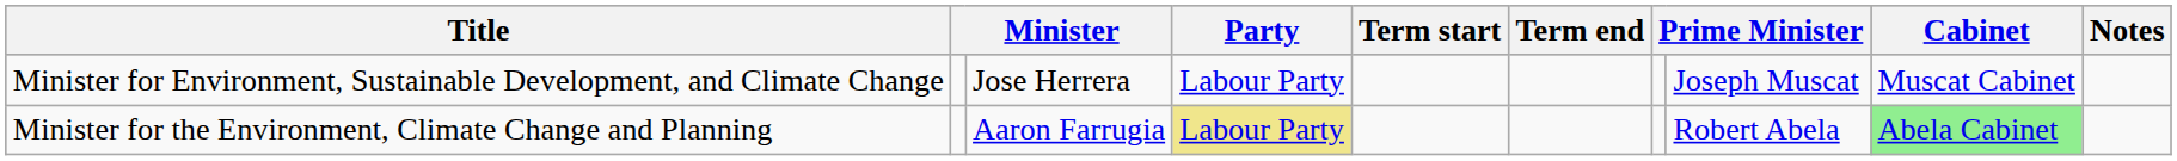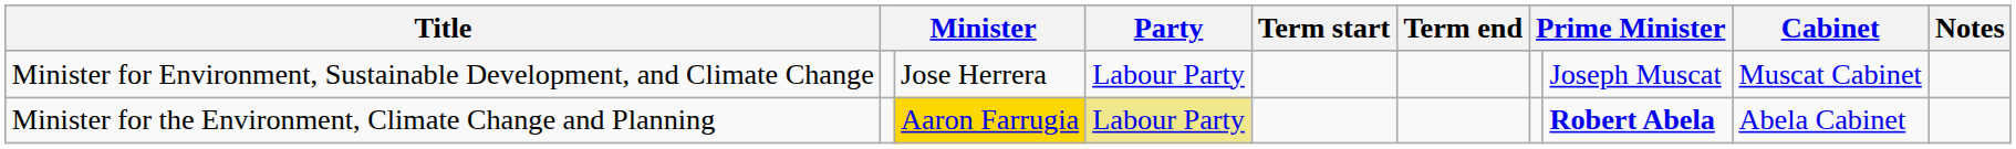 <table class="wikitable sortable">
 <tr>
 <th>Title</th>
 <th colspan=2><a href='#'>Minister</a></th>
 <th><a href='#'>Party</a></th>
 <th>Term start</th>
 <th>Term end</th>
 <th colspan=2><a href='#'>Prime Minister</a></th>
 <th><a href='#'>Cabinet</a></th>
 <th class="unsortable">Notes</th>
 </tr>
 <tr>
 <td>Minister for Environment, Sustainable Development, and Climate Change</td>
 <td style="color:inherit;background:"></td>
 <td>Jose Herrera</td>
 <td><a href='#'>Labour Party</a></td>
 <td></td>
 <td></td>
 <td style="color:inherit;background:"></td>
 <td><a href='#'>Joseph Muscat</a></td>
 <td><a href='#'>Muscat Cabinet</a></td>
 <td></td>
 </tr>
 <tr>
 <td>Minister for the Environment, Climate Change and Planning</td>
 <td style="color:inherit;background:"></td>
-<td><a href='#'>Aaron Farrugia</a></td>
+<td style="background: gold;"><a href='#'>Aaron Farrugia</a></td>
 <td style="background: khaki;"><a href='#'>Labour Party</a></td>
 <td></td>
 <td></td>
 <td style="color:inherit;background:"></td>
-<td><a href='#'>Robert Abela</a></td>
-<td style="background: lightgreen;"><a href='#'>Abela Cabinet</a></td>
+<td><strong><a href='#'>Robert Abela</a></strong></td>
+<td><a href='#'>Abela Cabinet</a></td>
 <td></td>
 </tr>
 </table>
